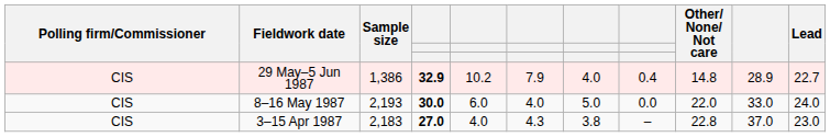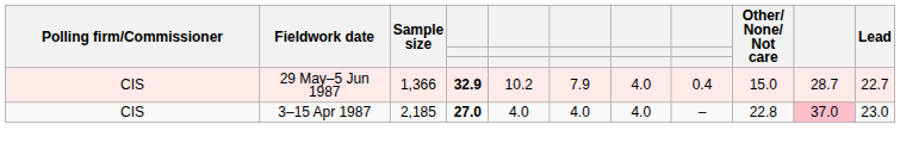 <table class="wikitable collapsible collapsed" style="text-align:center; font-size:90%; line-height:14px;">
 <tr style="height:42px;">
 <th style="width:250px;" rowspan="3">Polling firm/Commissioner</th>
 <th style="width:125px;" rowspan="3">Fieldwork date</th>
 <th style="width:50px;" rowspan="3">Sample size</th>
 <th style="width:35px;"></th>
 <th style="width:55px;"></th>
 <th style="width:55px;"></th>
 <th style="width:55px;"></th>
 <th style="width:55px;"></th>
 <th style="width:55px;" rowspan="3">Other/<br>None/<br>Not<br>care</th>
 <th style="width:55px;" rowspan="3"></th>
 <th style="width:30px;" rowspan="3">Lead</th>
 </tr>
 <tr>
 <th style="color:inherit;background:"></th>
 <th style="color:inherit;background:"></th>
 <th style="color:inherit;background:"></th>
 <th style="color:inherit;background:"></th>
 <th style="color:inherit;background:"></th>
 </tr>
 <tr>
 <th></th>
 <th></th>
 <th></th>
 <th></th>
 <th></th>
 </tr>
 <tr style="background:#FFEAEA;">
 <td>CIS</td>
 <td>29 May–5 Jun 1987</td>
-<td>1,386</td>
+<td>1,366</td>
 <td><strong>32.9</strong></td>
 <td>10.2</td>
 <td>7.9</td>
 <td>4.0</td>
 <td>0.4</td>
-<td>14.8</td>
-<td>28.9</td>
+<td>15.0</td>
+<td>28.7</td>
 <td style="background:">22.7</td>
 </tr>
 <tr>
 <td>CIS</td>
-<td>8–16 May 1987</td>
-<td>2,193</td>
-<td><strong>30.0</strong></td>
-<td>6.0</td>
-<td>4.0</td>
-<td>5.0</td>
-<td>0.0</td>
-<td>22.0</td>
-<td>33.0</td>
-<td style="background:">24.0</td>
-</tr>
-<tr>
-<td>CIS</td>
 <td>3–15 Apr 1987</td>
-<td>2,183</td>
+<td>2,185</td>
 <td><strong>27.0</strong></td>
 <td>4.0</td>
-<td>4.3</td>
-<td>3.8</td>
+<td>4.0</td>
+<td>4.0</td>
 <td>–</td>
 <td>22.8</td>
-<td>37.0</td>
+<td style="background: pink;">37.0</td>
 <td style="background:">23.0</td>
 </tr>
 </table>
